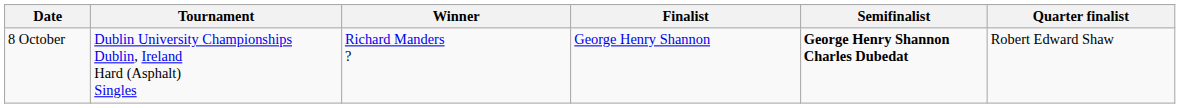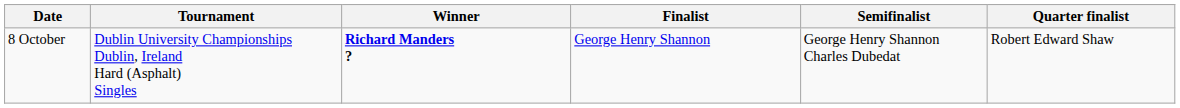 <table class="wikitable" style="font-size:85%;">
 <tr>
 <th width="75">Date</th>
 <th width="230">Tournament</th>
 <th width="210">Winner</th>
 <th width="210">Finalist</th>
 <th width="170">Semifinalist</th>
 <th width="170">Quarter finalist</th>
 </tr>
 <tr valign=top>
 <td rowspan=2>8 October</td>
 <td><a href='#'>Dublin University Championships</a><br><a href='#'>Dublin</a>, <a href='#'>Ireland</a><br>Hard (Asphalt)<br><a href='#'>Singles</a></td>
-<td> <a href='#'>Richard Manders</a><br> ?</td>
+<td><strong> <a href='#'>Richard Manders</a><br> ?</strong></td>
 <td> <a href='#'>George Henry Shannon</a></td>
-<td><strong> George Henry Shannon<br>  Charles Dubedat<br></strong></td>
+<td> George Henry Shannon<br>  Charles Dubedat<br></td>
 <td> Robert Edward Shaw</td>
 </tr>
 </table>
